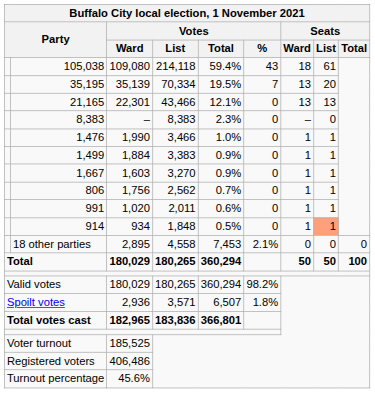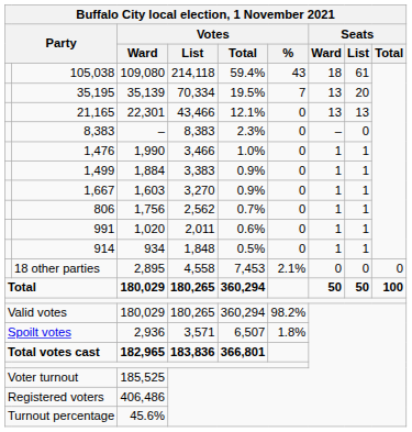 <table class=wikitable style="text-align:right">
 <tr>
 <th colspan="9" align="center">Buffalo City local election, 1 November 2021</th>
 </tr>
 <tr>
 <th rowspan="2" colspan="2">Party</th>
 <th colspan="4" align="center">Votes</th>
 <th colspan="3" align="center">Seats</th>
 </tr>
 <tr>
 <th>Ward</th>
 <th>List</th>
 <th>Total</th>
 <th>%</th>
 <th>Ward</th>
 <th>List</th>
 <th>Total</th>
 </tr>
 <tr>
 <td></td>
 <td>105,038</td>
 <td>109,080</td>
 <td>214,118</td>
 <td>59.4%</td>
 <td>43</td>
 <td>18</td>
 <td>61</td>
 </tr>
 <tr>
 <td></td>
 <td>35,195</td>
 <td>35,139</td>
 <td>70,334</td>
 <td>19.5%</td>
 <td>7</td>
 <td>13</td>
 <td>20</td>
 </tr>
 <tr>
 <td></td>
 <td>21,165</td>
 <td>22,301</td>
 <td>43,466</td>
 <td>12.1%</td>
 <td>0</td>
 <td>13</td>
 <td>13</td>
 </tr>
 <tr>
 <td></td>
 <td>8,383</td>
 <td>–</td>
 <td>8,383</td>
 <td>2.3%</td>
 <td>0</td>
 <td>–</td>
 <td>0</td>
 </tr>
 <tr>
 <td></td>
 <td>1,476</td>
 <td>1,990</td>
 <td>3,466</td>
 <td>1.0%</td>
 <td>0</td>
 <td>1</td>
 <td>1</td>
 </tr>
 <tr>
 <td></td>
 <td>1,499</td>
 <td>1,884</td>
 <td>3,383</td>
 <td>0.9%</td>
 <td>0</td>
 <td>1</td>
 <td>1</td>
 </tr>
 <tr>
 <td></td>
 <td>1,667</td>
 <td>1,603</td>
 <td>3,270</td>
 <td>0.9%</td>
 <td>0</td>
 <td>1</td>
 <td>1</td>
 </tr>
 <tr>
 <td></td>
 <td>806</td>
 <td>1,756</td>
 <td>2,562</td>
 <td>0.7%</td>
 <td>0</td>
 <td>1</td>
 <td>1</td>
 </tr>
 <tr>
 <td></td>
 <td>991</td>
 <td>1,020</td>
 <td>2,011</td>
 <td>0.6%</td>
 <td>0</td>
 <td>1</td>
 <td>1</td>
 </tr>
 <tr>
 <td></td>
 <td>914</td>
 <td>934</td>
 <td>1,848</td>
 <td>0.5%</td>
 <td>0</td>
 <td>1</td>
-<td style="background: lightsalmon;">1</td>
+<td>1</td>
 </tr>
 <tr>
 <td></td>
 <td style="text-align:left">18 other parties</td>
 <td>2,895</td>
 <td>4,558</td>
 <td>7,453</td>
 <td>2.1%</td>
 <td>0</td>
 <td>0</td>
 <td>0</td>
 </tr>
 <tr>
 <td colspan="2" style="text-align:left"><strong>Total</strong></td>
 <td><strong>180,029</strong></td>
 <td><strong>180,265</strong></td>
 <td><strong>360,294</strong></td>
 <td></td>
 <td><strong>50</strong></td>
 <td><strong>50</strong></td>
 <td><strong>100</strong></td>
 </tr>
 <tr>
 <td colspan="9"></td>
 </tr>
 <tr>
 <td colspan="2" style="text-align:left">Valid votes</td>
 <td>180,029</td>
 <td>180,265</td>
 <td>360,294</td>
 <td>98.2%</td>
 </tr>
 <tr>
 <td colspan="2" style="text-align:left"><a href='#'>Spoilt votes</a></td>
 <td>2,936</td>
 <td>3,571</td>
 <td>6,507</td>
 <td>1.8%</td>
 </tr>
 <tr>
 <td colspan="2" style="text-align:left"><strong>Total votes cast</strong></td>
 <td><strong>182,965</strong></td>
 <td><strong>183,836</strong></td>
 <td><strong>366,801</strong></td>
 <td></td>
 </tr>
 <tr>
 <td colspan="6"></td>
 </tr>
 <tr>
 <td colspan="2" style="text-align:left">Voter turnout</td>
 <td>185,525</td>
 </tr>
 <tr>
 <td colspan="2" style="text-align:left">Registered voters</td>
 <td>406,486</td>
 </tr>
 <tr>
 <td colspan="2" style="text-align:left">Turnout percentage</td>
 <td>45.6%</td>
 </tr>
 </table>
